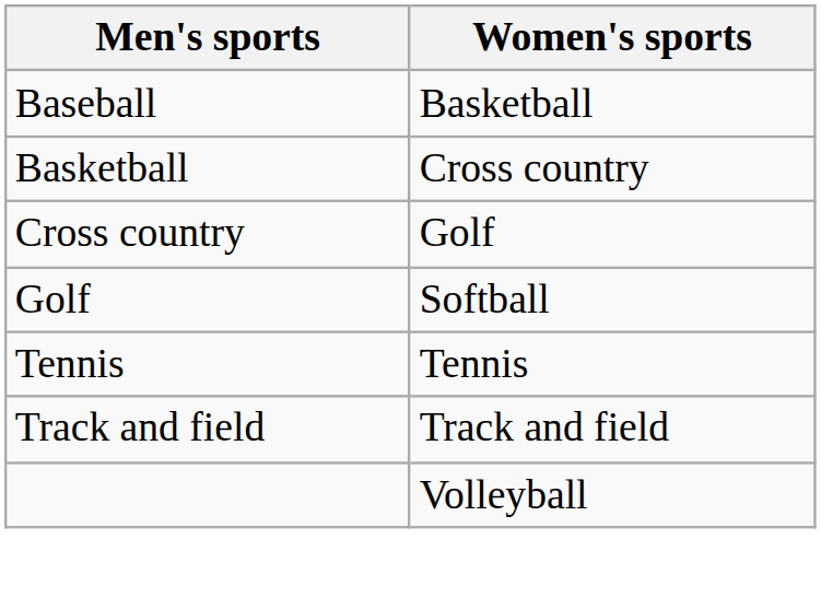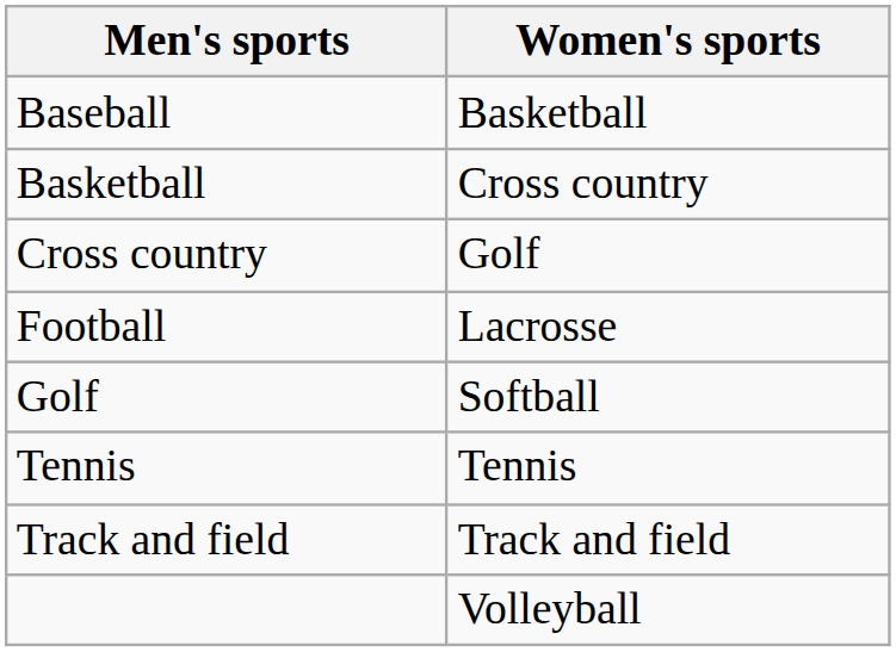 <table class="wikitable"; style= "text-align: ">
 <tr>
 <th width=150px>Men's sports</th>
 <th width=150px>Women's sports</th>
 </tr>
 <tr>
 <td>Baseball</td>
 <td>Basketball</td>
 </tr>
 <tr>
 <td>Basketball</td>
 <td>Cross country</td>
 </tr>
 <tr>
 <td>Cross country</td>
 <td>Golf</td>
 </tr>
 <tr>
+<td>Football</td>
+<td>Lacrosse</td>
+</tr>
+<tr>
 <td>Golf</td>
 <td>Softball</td>
 </tr>
 <tr>
 <td>Tennis</td>
 <td>Tennis</td>
 </tr>
 <tr>
 <td>Track and field</td>
 <td>Track and field</td>
 </tr>
 <tr>
 <td></td>
 <td>Volleyball</td>
 </tr>
 </table>
